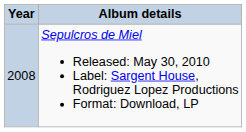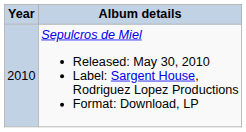 <table class ="wikitable">
 <tr>
 <th width="35" style="background: #c2d2e5">Year</th>
 <th width="250" style="background: #c2d2e5">Album details</th>
 </tr>
 <tr>
-<td style="background: #c2d2e5; text-align: center">2008</td>
+<td style="background: #c2d2e5; text-align: center">2010</td>
 <td><em><a href='#'>Sepulcros de Miel</a></em><br><ul><li>Released: May 30, 2010</li><li>Label: <a href='#'>Sargent House</a>,<br>Rodriguez Lopez Productions</li><li>Format: Download, LP</li></ul></td>
 </tr>
 </table>
